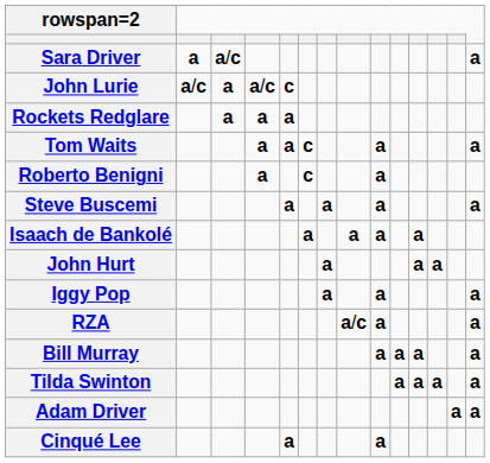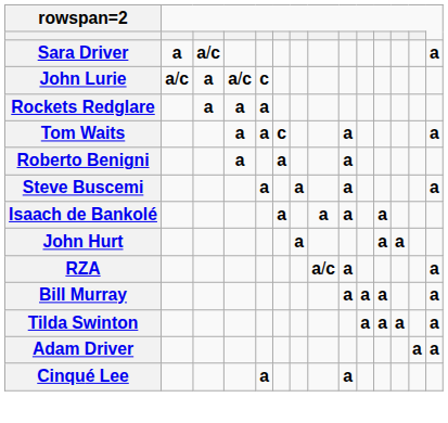 <table class="wikitable" style="text-align:center;font-size:100%">
 <tr>
 <th>rowspan=2 </th>
 </tr>
 <tr>
 <th></th>
 <th></th>
 <th></th>
 <th></th>
 <th></th>
 <th></th>
 <th></th>
 <th></th>
 <th></th>
 <th></th>
 <th></th>
 <th></th>
 <th></th>
 </tr>
 <tr>
 <th><a href='#'>Sara Driver</a></th>
 <td><strong>a</strong></td>
 <td><strong>a</strong>/<strong>c</strong></td>
 <td></td>
 <td></td>
 <td></td>
 <td></td>
 <td></td>
 <td></td>
 <td></td>
 <td></td>
 <td></td>
 <td></td>
 <td><strong>a</strong></td>
 </tr>
 <tr>
 <th><a href='#'>John Lurie</a></th>
 <td><strong>a</strong>/<strong>c</strong></td>
 <td><strong>a</strong></td>
 <td><strong>a</strong>/<strong>c</strong></td>
 <td><strong>c</strong></td>
 <td></td>
 <td></td>
 <td></td>
 <td></td>
 <td></td>
 <td></td>
 <td></td>
 <td></td>
 <td></td>
 </tr>
 <tr>
 <th><a href='#'>Rockets Redglare</a></th>
 <td></td>
 <td><strong>a</strong></td>
 <td><strong>a</strong></td>
 <td><strong>a</strong></td>
 <td></td>
 <td></td>
 <td></td>
 <td></td>
 <td></td>
 <td></td>
 <td></td>
 <td></td>
 <td></td>
 </tr>
 <tr>
 <th><a href='#'>Tom Waits</a></th>
 <td></td>
 <td></td>
 <td><strong>a</strong></td>
 <td><strong>a</strong></td>
 <td><strong>c</strong></td>
 <td></td>
 <td></td>
 <td><strong>a</strong></td>
 <td></td>
 <td></td>
 <td></td>
 <td></td>
 <td><strong>a</strong></td>
 </tr>
 <tr>
 <th><a href='#'>Roberto Benigni</a></th>
 <td></td>
 <td></td>
 <td><strong>a</strong></td>
 <td></td>
-<td><strong>c</strong></td>
+<td><strong>a</strong></td>
 <td></td>
 <td></td>
 <td><strong>a</strong></td>
 <td></td>
 <td></td>
 <td></td>
 <td></td>
 <td></td>
 </tr>
 <tr>
 <th><a href='#'>Steve Buscemi</a></th>
 <td></td>
 <td></td>
 <td></td>
 <td><strong>a</strong></td>
 <td></td>
 <td><strong>a</strong></td>
 <td></td>
 <td><strong>a</strong></td>
 <td></td>
 <td></td>
 <td></td>
 <td></td>
 <td><strong>a</strong></td>
 </tr>
 <tr>
 <th><a href='#'>Isaach de Bankolé</a></th>
 <td></td>
 <td></td>
 <td></td>
 <td></td>
 <td><strong>a</strong></td>
 <td></td>
 <td><strong>a</strong></td>
 <td><strong>a</strong></td>
 <td></td>
 <td><strong>a</strong></td>
 <td></td>
 <td></td>
 <td></td>
 </tr>
 <tr>
 <th><a href='#'>John Hurt</a></th>
 <td></td>
 <td></td>
 <td></td>
 <td></td>
 <td></td>
 <td><strong>a</strong></td>
 <td></td>
 <td></td>
 <td></td>
 <td><strong>a</strong></td>
 <td><strong>a</strong></td>
 <td></td>
 <td></td>
-</tr>
-<tr>
-<th><a href='#'>Iggy Pop</a></th>
-<td></td>
-<td></td>
-<td></td>
-<td></td>
-<td></td>
-<td><strong>a</strong></td>
-<td></td>
-<td><strong>a</strong></td>
-<td></td>
-<td></td>
-<td></td>
-<td></td>
-<td><strong>a</strong></td>
 </tr>
 <tr>
 <th><a href='#'>RZA</a></th>
 <td></td>
 <td></td>
 <td></td>
 <td></td>
 <td></td>
 <td></td>
 <td><strong>a</strong>/<strong>c</strong></td>
 <td><strong>a</strong></td>
 <td></td>
 <td></td>
 <td></td>
 <td></td>
 <td><strong>a</strong></td>
 </tr>
 <tr>
 <th><a href='#'>Bill Murray</a></th>
 <td></td>
 <td></td>
 <td></td>
 <td></td>
 <td></td>
 <td></td>
 <td></td>
 <td><strong>a</strong></td>
 <td><strong>a</strong></td>
 <td><strong>a</strong></td>
 <td></td>
 <td></td>
 <td><strong>a</strong></td>
 </tr>
 <tr>
 <th><a href='#'>Tilda Swinton</a></th>
 <td></td>
 <td></td>
 <td></td>
 <td></td>
 <td></td>
 <td></td>
 <td></td>
 <td></td>
 <td><strong>a</strong></td>
 <td><strong>a</strong></td>
 <td><strong>a</strong></td>
 <td></td>
 <td><strong>a</strong></td>
 </tr>
 <tr>
 <th><a href='#'>Adam Driver</a></th>
 <td></td>
 <td></td>
 <td></td>
 <td></td>
 <td></td>
 <td></td>
 <td></td>
 <td></td>
 <td></td>
 <td></td>
 <td></td>
 <td><strong>a</strong></td>
 <td><strong>a</strong></td>
 </tr>
 <tr>
 <th><a href='#'>Cinqu<strong>é Lee</strong></a></th>
 <td></td>
 <td></td>
 <td></td>
 <td><strong>a</strong></td>
 <td></td>
 <td></td>
 <td></td>
 <td><strong>a</strong></td>
 <td></td>
 <td></td>
 <td></td>
 <td></td>
 <td></td>
 </tr>
 </table>
